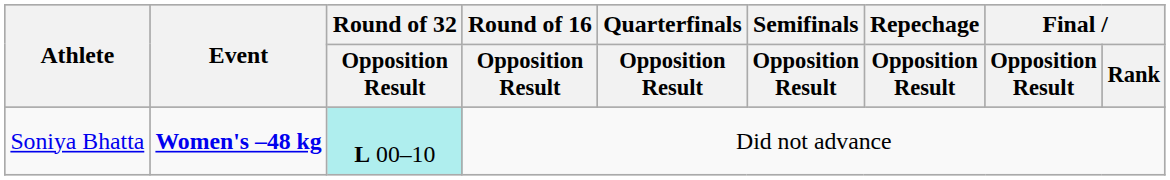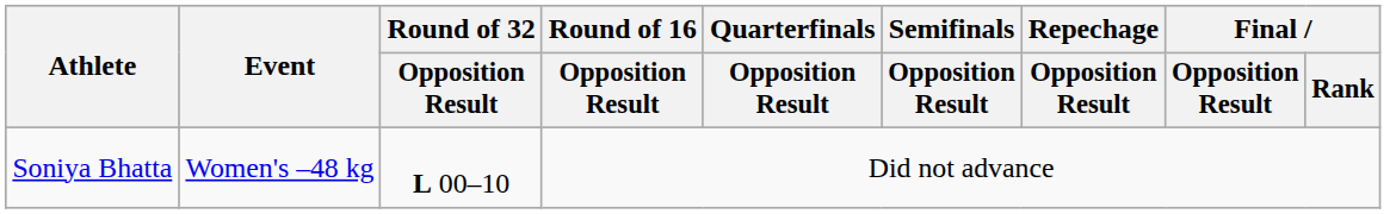 <table class="wikitable" style="font-size:90%">
 <tr>
 <th rowspan="2">Athlete</th>
 <th rowspan="2">Event</th>
 <th>Round of 32</th>
 <th>Round of 16</th>
 <th>Quarterfinals</th>
 <th>Semifinals</th>
 <th>Repechage</th>
 <th colspan=2>Final / </th>
 </tr>
 <tr style="font-size:95%">
 <th>Opposition<br>Result</th>
 <th>Opposition<br>Result</th>
 <th>Opposition<br>Result</th>
 <th>Opposition<br>Result</th>
 <th>Opposition<br>Result</th>
 <th>Opposition<br>Result</th>
 <th>Rank</th>
 </tr>
 <tr align=center>
 <td align=left><a href='#'>Soniya Bhatta</a></td>
-<td align=left><strong><a href='#'>Women's –48 kg</a></strong></td>
-<td style="background: paleturquoise;"><br><strong>L</strong> 00–10</td>
+<td align=left><a href='#'>Women's –48 kg</a></td>
+<td><br><strong>L</strong> 00–10</td>
 <td colspan=6>Did not advance</td>
 </tr>
 </table>
